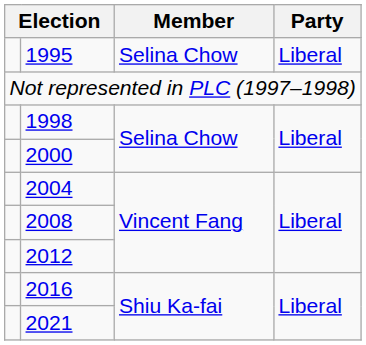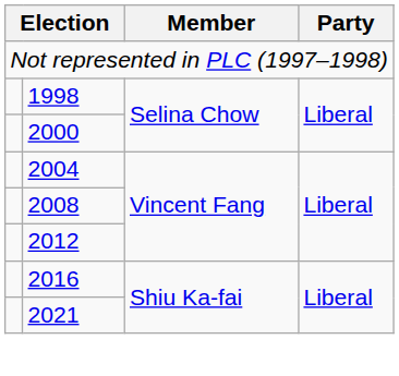 <table class="wikitable">
 <tr>
 <th colspan="2">Election</th>
 <th>Member</th>
 <th>Party</th>
-</tr>
-<tr>
-<td style="background-color: "></td>
-<td><a href='#'>1995</a></td>
-<td><a href='#'>Selina Chow</a></td>
-<td><a href='#'>Liberal</a></td>
 </tr>
 <tr>
 <td colspan=4><em>Not represented in <a href='#'>PLC</a> (1997–1998)</em></td>
 </tr>
 <tr>
 <td style="background-color: "></td>
 <td><a href='#'>1998</a></td>
 <td rowspan=2><a href='#'>Selina Chow</a></td>
 <td rowspan=2><a href='#'>Liberal</a></td>
 </tr>
 <tr>
 <td style="background-color: "></td>
 <td><a href='#'>2000</a></td>
 </tr>
 <tr>
 <td style="background-color: "></td>
 <td><a href='#'>2004</a></td>
 <td rowspan=3><a href='#'>Vincent Fang</a></td>
 <td rowspan=3><a href='#'>Liberal</a></td>
 </tr>
 <tr>
 <td style="background-color: "></td>
 <td><a href='#'>2008</a></td>
 </tr>
 <tr>
 <td style="background-color: "></td>
 <td><a href='#'>2012</a></td>
 </tr>
 <tr>
 <td style="background-color: "></td>
 <td><a href='#'>2016</a></td>
 <td rowspan="2"><a href='#'>Shiu Ka-fai</a></td>
 <td rowspan="2"><a href='#'>Liberal</a></td>
 </tr>
 <tr>
 <td style="background-color: "></td>
 <td><a href='#'>2021</a></td>
 </tr>
 </table>
